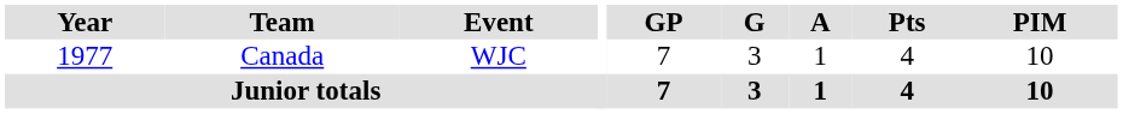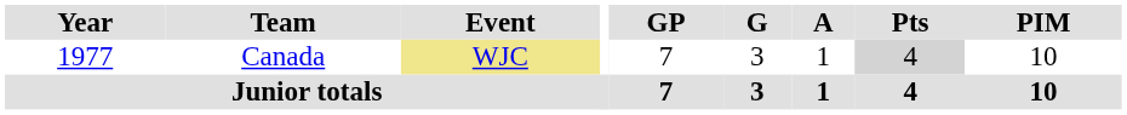 <table border="0" cellpadding="1" cellspacing="0" ID="Table3" style="text-align:center; width:40em">
 <tr bgcolor="#e0e0e0">
 <th>Year</th>
 <th>Team</th>
 <th>Event</th>
 <th rowspan="102" bgcolor="#ffffff"></th>
 <th>GP</th>
 <th>G</th>
 <th>A</th>
 <th>Pts</th>
 <th>PIM</th>
 </tr>
 <tr>
 <td><a href='#'>1977</a></td>
 <td><a href='#'>Canada</a></td>
-<td><a href='#'>WJC</a></td>
+<td style="background: khaki;"><a href='#'>WJC</a></td>
 <td>7</td>
 <td>3</td>
 <td>1</td>
-<td>4</td>
+<td style="background: lightgrey;">4</td>
 <td>10</td>
 </tr>
 <tr bgcolor="#e0e0e0">
 <th colspan="4">Junior totals</th>
 <th>7</th>
 <th>3</th>
 <th>1</th>
 <th>4</th>
 <th>10</th>
 </tr>
 </table>
